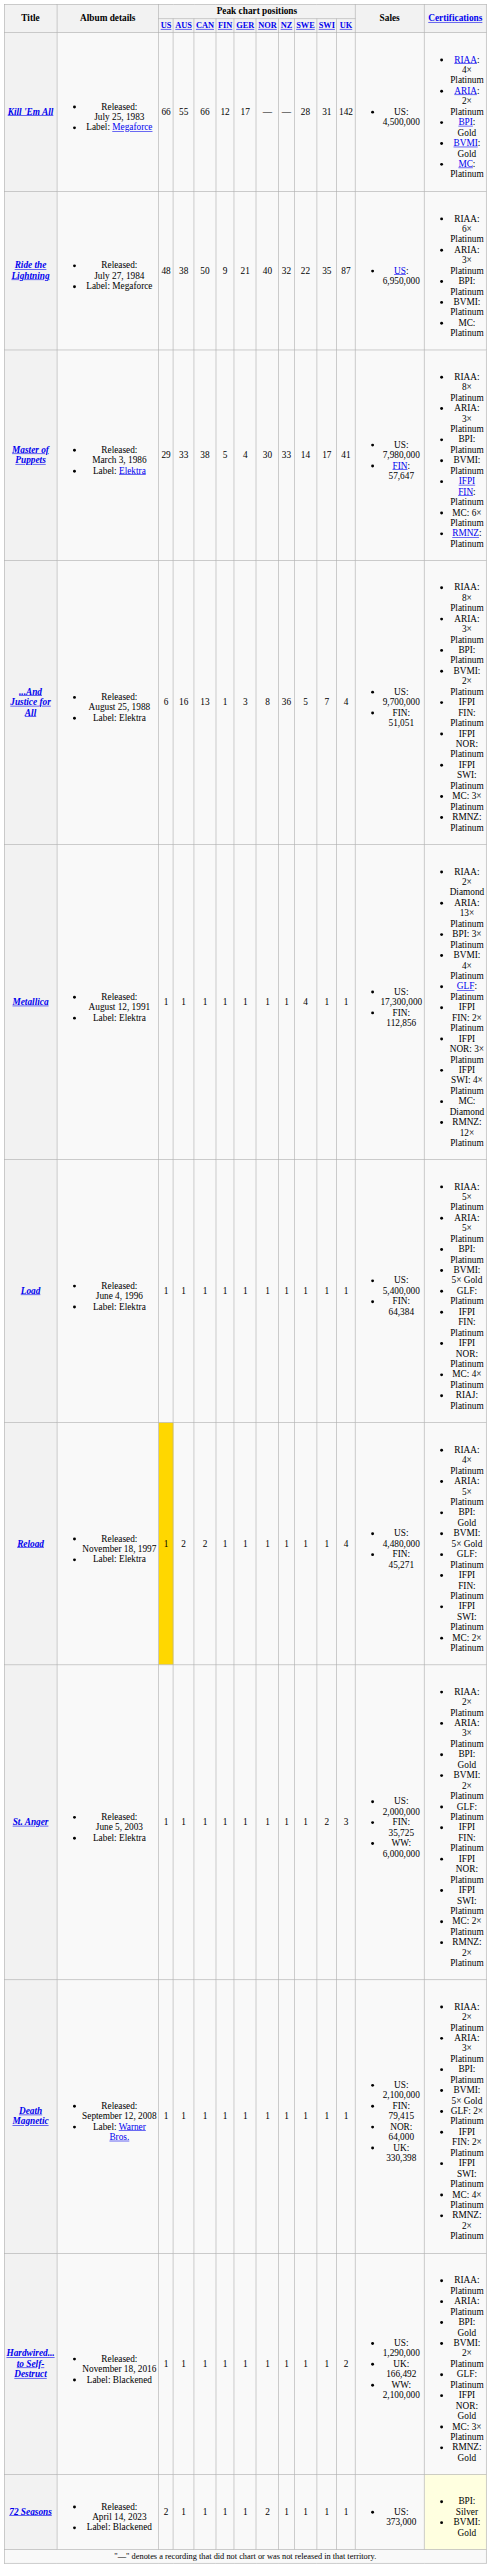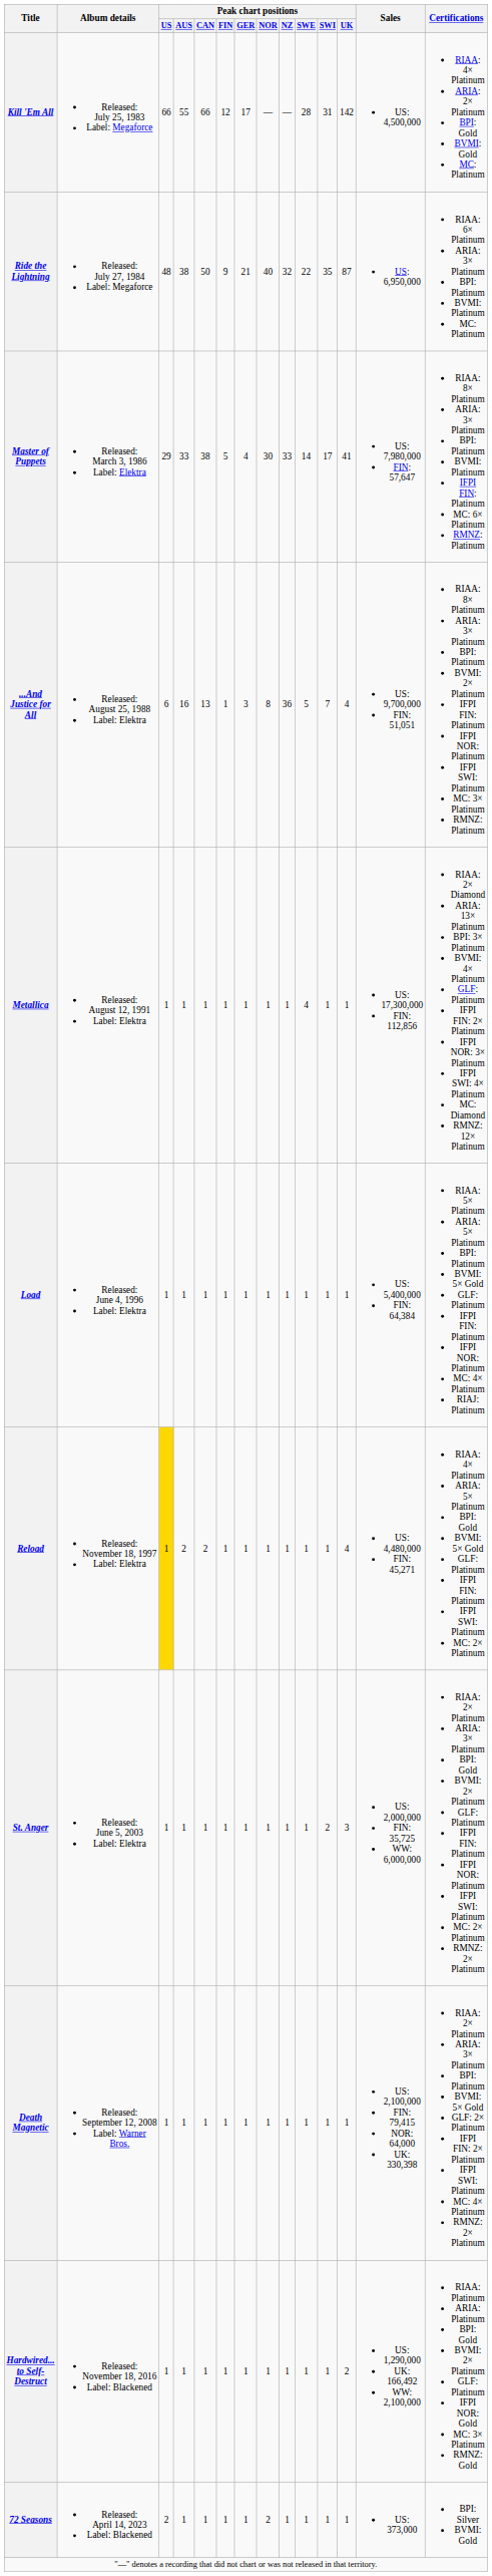 <table class="wikitable plainrowheaders" style="text-align:center;" border="1">
 <tr>
 <th scope="col" rowspan="2" style="width:13em;">Title</th>
 <th scope="col" rowspan="2" style="width:18em;">Album details</th>
 <th scope="col" colspan="10">Peak chart positions</th>
 <th scope="col" rowspan="2" style="width:10em;">Sales</th>
 <th scope="col" rowspan="2" style="width:15em;"><a href='#'>Certifications</a></th>
 </tr>
 <tr>
 <th scope="col" style="width:2em;font-size:90%;"><a href='#'>US</a><br></th>
 <th scope="col" style="width:2em;font-size:90%;"><a href='#'>AUS</a><br></th>
 <th scope="col" style="width:2em;font-size:90%;"><a href='#'>CAN</a><br></th>
 <th scope="col" style="width:2em;font-size:90%;"><a href='#'>FIN</a><br></th>
 <th scope="col" style="width:2em;font-size:90%;"><a href='#'>GER</a><br></th>
 <th scope="col" style="width:2em;font-size:90%;"><a href='#'>NOR</a><br></th>
 <th scope="col" style="width:2em;font-size:90%;"><a href='#'>NZ</a><br></th>
 <th scope="col" style="width:2em;font-size:90%;"><a href='#'>SWE</a><br></th>
 <th scope="col" style="width:2em;font-size:90%;"><a href='#'>SWI</a><br></th>
 <th scope="col" style="width:2em;font-size:90%;"><a href='#'>UK</a><br></th>
 </tr>
 <tr>
 <th scope="row"><em><a href='#'>Kill 'Em All</a></em></th>
 <td><br><ul><li>Released: July 25, 1983</li><li>Label: <a href='#'>Megaforce</a></li></ul></td>
 <td>66</td>
 <td>55</td>
 <td>66</td>
 <td>12</td>
 <td>17</td>
 <td>—</td>
 <td>—</td>
 <td>28</td>
 <td>31</td>
 <td>142</td>
 <td><br><ul><li>US: 4,500,000</li></ul></td>
 <td><br><ul><li><a href='#'>RIAA</a>: 4× Platinum</li><li><a href='#'>ARIA</a>: 2× Platinum</li><li><a href='#'>BPI</a>: Gold</li><li><a href='#'>BVMI</a>: Gold</li><li><a href='#'>MC</a>: Platinum</li></ul></td>
 </tr>
 <tr>
 <th scope="row"><em><a href='#'>Ride the Lightning</a></em></th>
 <td><br><ul><li>Released: July 27, 1984</li><li>Label: Megaforce</li></ul></td>
 <td>48</td>
 <td>38</td>
 <td>50</td>
 <td>9</td>
 <td>21</td>
 <td>40</td>
 <td>32</td>
 <td>22</td>
 <td>35</td>
 <td>87</td>
 <td><br><ul><li><a href='#'>US</a>: 6,950,000</li></ul></td>
 <td><br><ul><li>RIAA: 6× Platinum</li><li>ARIA: 3× Platinum</li><li>BPI: Platinum</li><li>BVMI: Platinum</li><li>MC: Platinum</li></ul></td>
 </tr>
 <tr>
 <th scope="row"><em><a href='#'>Master of Puppets</a></em></th>
 <td><br><ul><li>Released: March 3, 1986</li><li>Label: <a href='#'>Elektra</a></li></ul></td>
 <td>29</td>
 <td>33</td>
 <td>38</td>
 <td>5</td>
 <td>4</td>
 <td>30</td>
 <td>33</td>
 <td>14</td>
 <td>17</td>
 <td>41</td>
 <td><br><ul><li>US: 7,980,000</li><li><a href='#'>FIN</a>: 57,647</li></ul></td>
 <td><br><ul><li>RIAA: 8× Platinum</li><li>ARIA: 3× Platinum</li><li>BPI: Platinum</li><li>BVMI: Platinum</li><li><a href='#'>IFPI FIN</a>: Platinum</li><li>MC: 6× Platinum</li><li><a href='#'>RMNZ</a>: Platinum</li></ul></td>
 </tr>
 <tr>
 <th scope="row"><em><a href='#'>...And Justice for All</a></em></th>
 <td><br><ul><li>Released: August 25, 1988</li><li>Label: Elektra</li></ul></td>
 <td>6</td>
 <td>16</td>
 <td>13</td>
 <td>1</td>
 <td>3</td>
 <td>8</td>
 <td>36</td>
 <td>5</td>
 <td>7</td>
 <td>4</td>
 <td><br><ul><li>US: 9,700,000</li><li>FIN: 51,051</li></ul></td>
 <td><br><ul><li>RIAA: 8× Platinum</li><li>ARIA: 3× Platinum</li><li>BPI: Platinum</li><li>BVMI: 2× Platinum</li><li>IFPI FIN: Platinum</li><li>IFPI NOR: Platinum</li><li>IFPI SWI: Platinum</li><li>MC: 3× Platinum</li><li>RMNZ: Platinum</li></ul></td>
 </tr>
 <tr>
 <th scope="row"><em><a href='#'>Metallica</a></em></th>
 <td><br><ul><li>Released: August 12, 1991</li><li>Label: Elektra</li></ul></td>
 <td>1</td>
 <td>1</td>
 <td>1</td>
 <td>1</td>
 <td>1</td>
 <td>1</td>
 <td>1</td>
 <td>4</td>
 <td>1</td>
 <td>1</td>
 <td><br><ul><li>US: 17,300,000</li><li>FIN: 112,856</li></ul></td>
 <td><br><ul><li>RIAA: 2× Diamond</li><li>ARIA: 13× Platinum</li><li>BPI: 3× Platinum</li><li>BVMI: 4× Platinum</li><li><a href='#'>GLF</a>: Platinum</li><li>IFPI FIN: 2× Platinum</li><li>IFPI NOR: 3× Platinum</li><li>IFPI SWI: 4× Platinum</li><li>MC: Diamond</li><li>RMNZ: 12× Platinum</li></ul></td>
 </tr>
 <tr>
 <th scope="row"><em><a href='#'>Load</a></em></th>
 <td><br><ul><li>Released: June 4, 1996</li><li>Label: Elektra</li></ul></td>
 <td>1</td>
 <td>1</td>
 <td>1</td>
 <td>1</td>
 <td>1</td>
 <td>1</td>
 <td>1</td>
 <td>1</td>
 <td>1</td>
 <td>1</td>
 <td><br><ul><li>US: 5,400,000</li><li>FIN: 64,384</li></ul></td>
 <td><br><ul><li>RIAA: 5× Platinum</li><li>ARIA: 5× Platinum</li><li>BPI: Platinum</li><li>BVMI: 5× Gold</li><li>GLF: Platinum</li><li>IFPI FIN: Platinum</li><li>IFPI NOR: Platinum</li><li>MC: 4× Platinum</li><li>RIAJ: Platinum</li></ul></td>
 </tr>
 <tr>
 <th scope="row"><em><a href='#'>Reload</a></em></th>
 <td><br><ul><li>Released: November 18, 1997</li><li>Label: Elektra</li></ul></td>
 <td style="background: gold;">1</td>
 <td>2</td>
 <td>2</td>
 <td>1</td>
 <td>1</td>
 <td>1</td>
 <td>1</td>
 <td>1</td>
 <td>1</td>
 <td>4</td>
 <td><br><ul><li>US: 4,480,000</li><li>FIN: 45,271</li></ul></td>
 <td><br><ul><li>RIAA: 4× Platinum</li><li>ARIA: 5× Platinum</li><li>BPI: Gold</li><li>BVMI: 5× Gold</li><li>GLF: Platinum</li><li>IFPI FIN: Platinum</li><li>IFPI SWI: Platinum</li><li>MC: 2× Platinum</li></ul></td>
 </tr>
 <tr>
 <th scope="row"><em><a href='#'>St. Anger</a></em></th>
 <td><br><ul><li>Released: June 5, 2003</li><li>Label: Elektra</li></ul></td>
 <td>1</td>
 <td>1</td>
 <td>1</td>
 <td>1</td>
 <td>1</td>
 <td>1</td>
 <td>1</td>
 <td>1</td>
 <td>2</td>
 <td>3</td>
 <td><br><ul><li>US: 2,000,000</li><li>FIN: 35,725</li><li>WW: 6,000,000</li></ul></td>
 <td><br><ul><li>RIAA: 2× Platinum</li><li>ARIA: 3× Platinum</li><li>BPI: Gold</li><li>BVMI: 2× Platinum</li><li>GLF: Platinum</li><li>IFPI FIN: Platinum</li><li>IFPI NOR: Platinum</li><li>IFPI SWI: Platinum</li><li>MC: 2× Platinum</li><li>RMNZ: 2× Platinum</li></ul></td>
 </tr>
 <tr>
 <th scope="row"><em><a href='#'>Death Magnetic</a></em></th>
 <td><br><ul><li>Released: September 12, 2008</li><li>Label: <a href='#'>Warner Bros.</a></li></ul></td>
 <td>1</td>
 <td>1</td>
 <td>1</td>
 <td>1</td>
 <td>1</td>
 <td>1</td>
 <td>1</td>
 <td>1</td>
 <td>1</td>
 <td>1</td>
 <td><br><ul><li>US: 2,100,000</li><li>FIN: 79,415</li><li>NOR: 64,000</li><li>UK: 330,398</li></ul></td>
 <td><br><ul><li>RIAA: 2× Platinum</li><li>ARIA: 3× Platinum</li><li>BPI: Platinum</li><li>BVMI: 5× Gold</li><li>GLF: 2× Platinum</li><li>IFPI FIN: 2× Platinum</li><li>IFPI SWI: Platinum</li><li>MC: 4× Platinum</li><li>RMNZ: 2× Platinum</li></ul></td>
 </tr>
 <tr>
 <th scope="row"><em><a href='#'>Hardwired... to Self-Destruct</a></em></th>
 <td><br><ul><li>Released: November 18, 2016</li><li>Label: Blackened</li></ul></td>
 <td>1</td>
 <td>1</td>
 <td>1</td>
 <td>1</td>
 <td>1</td>
 <td>1</td>
 <td>1</td>
 <td>1</td>
 <td>1</td>
 <td>2</td>
 <td><br><ul><li>US: 1,290,000</li><li>UK: 166,492</li><li>WW: 2,100,000</li></ul></td>
 <td><br><ul><li>RIAA: Platinum</li><li>ARIA: Platinum</li><li>BPI: Gold</li><li>BVMI: 2× Platinum</li><li>GLF: Platinum</li><li>IFPI NOR: Gold</li><li>MC: 3× Platinum</li><li>RMNZ: Gold</li></ul></td>
 </tr>
 <tr>
 <th scope="row"><em><a href='#'>72 Seasons</a></em></th>
 <td><br><ul><li>Released: April 14, 2023</li><li>Label: Blackened</li></ul></td>
 <td>2</td>
 <td>1</td>
 <td>1</td>
 <td>1</td>
 <td>1</td>
 <td>2</td>
 <td>1</td>
 <td>1</td>
 <td>1</td>
 <td>1</td>
 <td><br><ul><li>US: 373,000</li></ul></td>
-<td style="background: lightyellow;"><br><ul><li>BPI: Silver</li><li>BVMI: Gold</li></ul></td>
+<td><br><ul><li>BPI: Silver</li><li>BVMI: Gold</li></ul></td>
 </tr>
 <tr>
 <td colspan="15" style="font-size:90%">"—" denotes a recording that did not chart or was not released in that territory.</td>
 </tr>
 </table>
